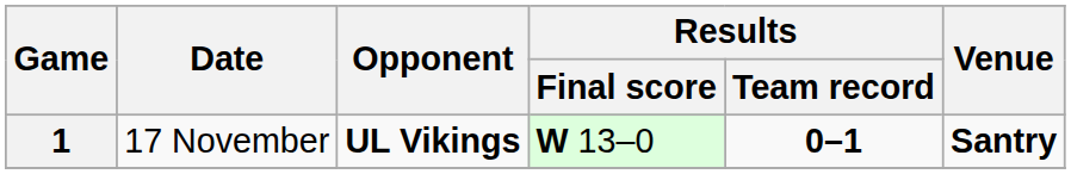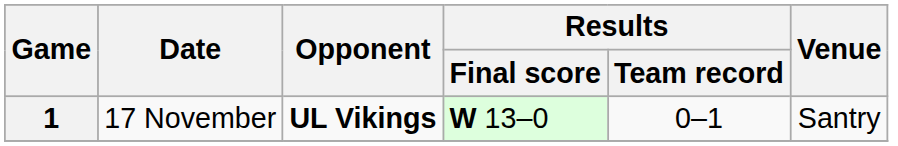 <table class="wikitable">
 <tr>
 <th rowspan="2">Game</th>
 <th rowspan="2">Date</th>
 <th rowspan="2">Opponent</th>
 <th colspan="2">Results</th>
 <th rowspan="2">Venue</th>
 </tr>
 <tr>
 <th>Final score</th>
 <th>Team record</th>
 </tr>
 <tr>
 <th>1</th>
 <td>17 November</td>
 <td style="text-align:center;"><strong>UL Vikings</strong></td>
 <td style="background:#dfd;"><strong>W</strong> 13–0</td>
-<td style="text-align:center;"><strong>0–1</strong></td>
-<td style="text-align:center;"><strong>Santry</strong></td>
+<td style="text-align:center;">0–1</td>
+<td style="text-align:center;">Santry</td>
 </tr>
 <tr>
 </tr>
 </table>
